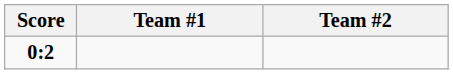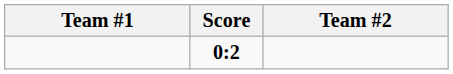 <table class="wikitable" style="text-align:center;">
 <tr>
+<th width=140>Team #1</th>
 <th width=50>Score</th>
-<th width=140>Team #1</th>
 <th width=140>Team #2</th>
 </tr>
 <tr>
+<td style="text-align:right;"></td>
 <td><strong>0:2</strong></td>
-<td style="text-align:right;"></td>
 <td style="text-align:left;"></td>
 </tr>
 </table>
